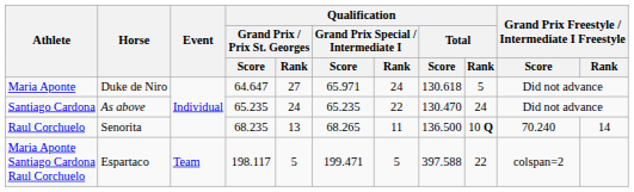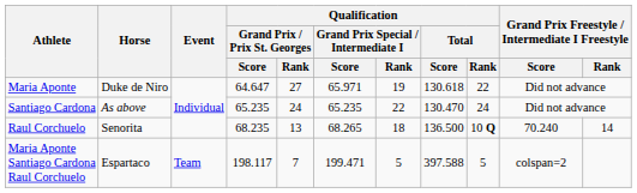 <table class=wikitable style=font-size:90%;text-align:center>
 <tr>
 <th rowspan=3>Athlete</th>
 <th rowspan=3>Horse</th>
 <th rowspan=3>Event</th>
 <th colspan=6>Qualification</th>
 <th colspan=2 rowspan=2>Grand Prix Freestyle /<br>Intermediate I Freestyle</th>
 </tr>
 <tr style=font-size:95%>
 <th colspan=2>Grand Prix /<br>Prix St. Georges</th>
 <th colspan=2>Grand Prix Special /<br>Intermediate I</th>
 <th colspan=2>Total</th>
 </tr>
 <tr style=font-size:95%>
 <th>Score</th>
 <th>Rank</th>
 <th>Score</th>
 <th>Rank</th>
 <th>Score</th>
 <th>Rank</th>
 <th>Score</th>
 <th>Rank</th>
 </tr>
 <tr>
 <td align=left><a href='#'>Maria Aponte</a></td>
 <td align=left>Duke de Niro</td>
 <td align=left rowspan=3><a href='#'>Individual</a></td>
 <td>64.647</td>
 <td>27</td>
 <td>65.971</td>
-<td>24</td>
+<td>19</td>
 <td>130.618</td>
-<td>5</td>
+<td>22</td>
 <td colspan=2>Did not advance</td>
 </tr>
 <tr>
 <td align=left><a href='#'>Santiago Cardona</a></td>
 <td align=left><em>As above</em></td>
 <td>65.235</td>
 <td>24</td>
 <td>65.235</td>
 <td>22</td>
 <td>130.470</td>
 <td>24</td>
 <td colspan=2>Did not advance</td>
 </tr>
 <tr>
 <td align=left><a href='#'>Raul Corchuelo</a></td>
 <td align=left>Senorita</td>
 <td>68.235</td>
 <td>13</td>
 <td>68.265</td>
-<td>11</td>
+<td>18</td>
 <td>136.500</td>
 <td>10 <strong>Q</strong></td>
 <td>70.240</td>
 <td>14</td>
 </tr>
 <tr>
 <td align=left><a href='#'>Maria Aponte</a><br><a href='#'>Santiago Cardona</a><br><a href='#'>Raul Corchuelo</a></td>
 <td align=left>Espartaco</td>
 <td align=left><a href='#'>Team</a></td>
 <td>198.117</td>
-<td>5</td>
+<td>7</td>
 <td>199.471</td>
 <td>5</td>
 <td>397.588</td>
-<td>22</td>
+<td>5</td>
 <td>colspan=2 </td>
 </tr>
 </table>
